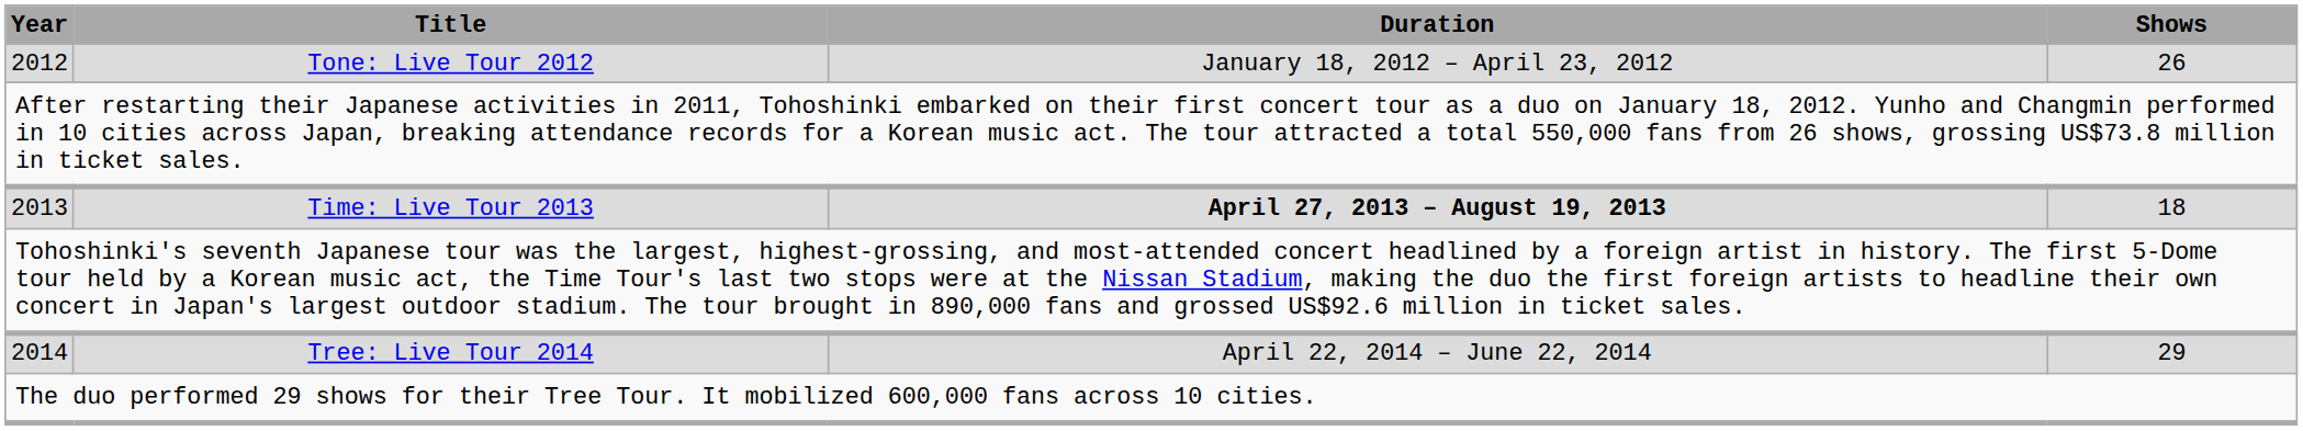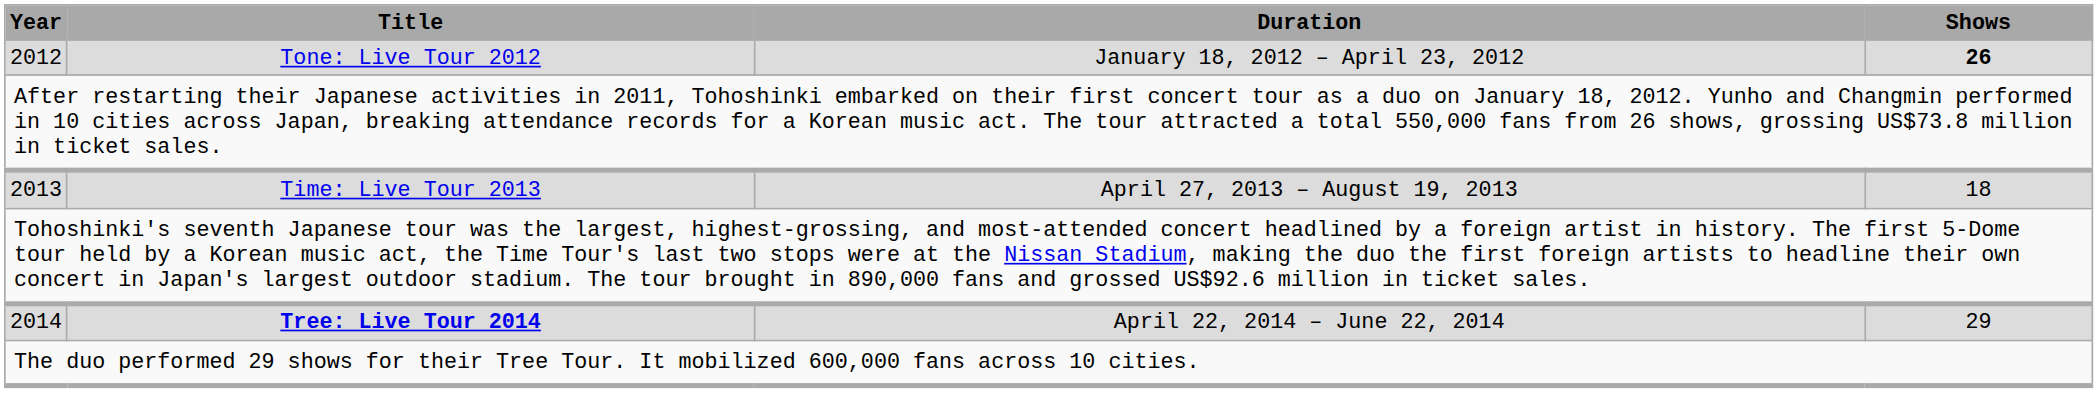 <table class="wikitable" style="text-align:center">
 <tr>
 <th style="background-color: #A9A9A9;">Year</th>
 <th style="background-color: #A9A9A9;">Title</th>
 <th style="background-color: #A9A9A9;">Duration</th>
 <th style="background-color: #A9A9A9;">Shows</th>
 </tr>
 <tr>
 <td style="background-color: #DCDCDC" width=5>2012</td>
 <td style="background-color: #DCDCDC"><a href='#'>Tone: Live Tour 2012</a></td>
 <td style="background-color: #DCDCDC">January 18, 2012 – April 23, 2012 </td>
-<td style="background-color: #DCDCDC">26</td>
+<td style="background-color: #DCDCDC"><strong>26</strong></td>
 </tr>
 <tr>
 <td colspan=4 style="border-bottom-width:3px; padding:5px;text-align:left;">After restarting their Japanese activities in 2011, Tohoshinki embarked on their first concert tour as a duo on January 18, 2012. Yunho and Changmin performed in 10 cities across Japan, breaking attendance records for a Korean music act. The tour attracted a total 550,000 fans from 26 shows, grossing US$73.8 million in ticket sales.</td>
 </tr>
 <tr>
 <td style="background-color: #DCDCDC" width=5>2013</td>
 <td style="background-color: #DCDCDC"><a href='#'>Time: Live Tour 2013</a></td>
-<td style="background-color: #DCDCDC"><strong>April 27, 2013 – August 19, 2013 </strong></td>
+<td style="background-color: #DCDCDC">April 27, 2013 – August 19, 2013 </td>
 <td style="background-color: #DCDCDC">18</td>
 </tr>
 <tr>
 <td colspan=4 style="border-bottom-width:3px; padding:5px;text-align:left;">Tohoshinki's seventh Japanese tour was the largest, highest-grossing, and most-attended concert headlined by a foreign artist in history. The first 5-Dome tour held by a Korean music act, the Time Tour's last two stops were at the <a href='#'>Nissan Stadium</a>, making the duo the first foreign artists to headline their own concert in Japan's largest outdoor stadium. The tour brought in 890,000 fans and grossed US$92.6 million in ticket sales.</td>
 </tr>
 <tr>
 <td style="background-color: #DCDCDC" width=5>2014</td>
-<td style="background-color: #DCDCDC"><a href='#'>Tree: Live Tour 2014</a></td>
+<td style="background-color: #DCDCDC"><strong><a href='#'>Tree: Live Tour 2014</a></strong></td>
 <td style="background-color: #DCDCDC">April 22, 2014 – June 22, 2014 </td>
 <td style="background-color: #DCDCDC">29</td>
 </tr>
 <tr>
 <td colspan=4 style="border-bottom-width:3px; padding:5px;text-align:left;">The duo performed 29 shows for their Tree Tour. It mobilized 600,000 fans across 10 cities.</td>
 </tr>
 </table>
